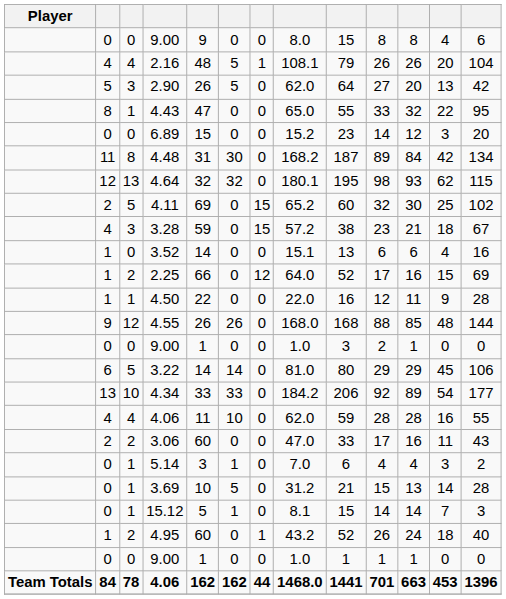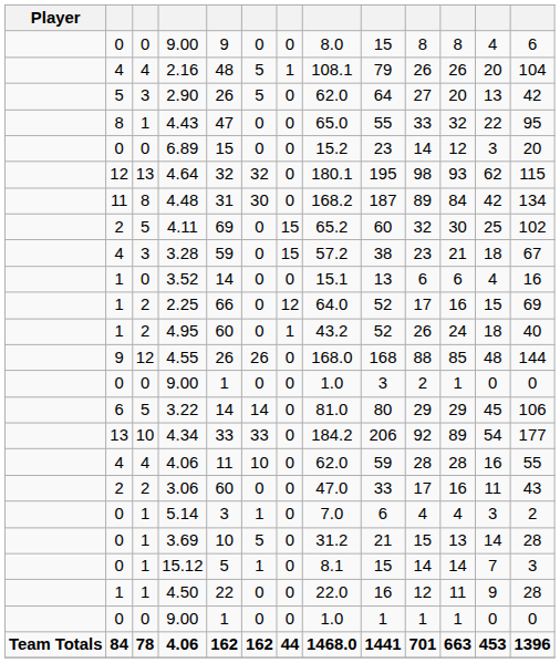 <table class="wikitable sortable" style="text-align:center;">
 <tr>
 <th>Player</th>
 <th></th>
 <th></th>
 <th></th>
 <th></th>
 <th></th>
 <th></th>
 <th></th>
 <th></th>
 <th></th>
 <th></th>
 <th></th>
 <th></th>
 </tr>
 <tr>
 <td align="left"></td>
 <td>0</td>
 <td>0</td>
 <td>9.00</td>
 <td>9</td>
 <td>0</td>
 <td>0</td>
 <td>8.0</td>
 <td>15</td>
 <td>8</td>
 <td>8</td>
 <td>4</td>
 <td>6</td>
 </tr>
 <tr>
 <td align=left></td>
 <td>4</td>
 <td>4</td>
 <td>2.16</td>
 <td>48</td>
 <td>5</td>
 <td>1</td>
 <td>108.1</td>
 <td>79</td>
 <td>26</td>
 <td>26</td>
 <td>20</td>
 <td>104</td>
 </tr>
 <tr>
 <td align="left"></td>
 <td>5</td>
 <td>3</td>
 <td>2.90</td>
 <td>26</td>
 <td>5</td>
 <td>0</td>
 <td>62.0</td>
 <td>64</td>
 <td>27</td>
 <td>20</td>
 <td>13</td>
 <td>42</td>
 </tr>
 <tr>
 <td align="left"></td>
 <td>8</td>
 <td>1</td>
 <td>4.43</td>
 <td>47</td>
 <td>0</td>
 <td>0</td>
 <td>65.0</td>
 <td>55</td>
 <td>33</td>
 <td>32</td>
 <td>22</td>
 <td>95</td>
 </tr>
 <tr>
 <td align="left"></td>
 <td>0</td>
 <td>0</td>
 <td>6.89</td>
 <td>15</td>
 <td>0</td>
 <td>0</td>
 <td>15.2</td>
 <td>23</td>
 <td>14</td>
 <td>12</td>
 <td>3</td>
 <td>20</td>
 </tr>
 <tr>
 <td align="left"></td>
+<td>12</td>
+<td>13</td>
+<td>4.64</td>
+<td>32</td>
+<td>32</td>
+<td>0</td>
+<td>180.1</td>
+<td>195</td>
+<td>98</td>
+<td>93</td>
+<td>62</td>
+<td>115</td>
+</tr>
+<tr>
+<td align="left"></td>
 <td>11</td>
 <td>8</td>
 <td>4.48</td>
 <td>31</td>
 <td>30</td>
 <td>0</td>
 <td>168.2</td>
 <td>187</td>
 <td>89</td>
 <td>84</td>
 <td>42</td>
 <td>134</td>
-</tr>
-<tr>
-<td align="left"></td>
-<td>12</td>
-<td>13</td>
-<td>4.64</td>
-<td>32</td>
-<td>32</td>
-<td>0</td>
-<td>180.1</td>
-<td>195</td>
-<td>98</td>
-<td>93</td>
-<td>62</td>
-<td>115</td>
 </tr>
 <tr>
 <td align="left"></td>
 <td>2</td>
 <td>5</td>
 <td>4.11</td>
 <td>69</td>
 <td>0</td>
 <td>15</td>
 <td>65.2</td>
 <td>60</td>
 <td>32</td>
 <td>30</td>
 <td>25</td>
 <td>102</td>
 </tr>
 <tr>
 <td align="left"></td>
 <td>4</td>
 <td>3</td>
 <td>3.28</td>
 <td>59</td>
 <td>0</td>
 <td>15</td>
 <td>57.2</td>
 <td>38</td>
 <td>23</td>
 <td>21</td>
 <td>18</td>
 <td>67</td>
 </tr>
 <tr>
 <td align="left"></td>
 <td>1</td>
 <td>0</td>
 <td>3.52</td>
 <td>14</td>
 <td>0</td>
 <td>0</td>
 <td>15.1</td>
 <td>13</td>
 <td>6</td>
 <td>6</td>
 <td>4</td>
 <td>16</td>
 </tr>
 <tr>
 <td align="left"></td>
 <td>1</td>
 <td>2</td>
 <td>2.25</td>
 <td>66</td>
 <td>0</td>
 <td>12</td>
 <td>64.0</td>
 <td>52</td>
 <td>17</td>
 <td>16</td>
 <td>15</td>
 <td>69</td>
 </tr>
 <tr>
 <td align="left"></td>
 <td>1</td>
+<td>2</td>
+<td>4.95</td>
+<td>60</td>
+<td>0</td>
 <td>1</td>
-<td>4.50</td>
-<td>22</td>
-<td>0</td>
-<td>0</td>
-<td>22.0</td>
-<td>16</td>
-<td>12</td>
-<td>11</td>
-<td>9</td>
-<td>28</td>
+<td>43.2</td>
+<td>52</td>
+<td>26</td>
+<td>24</td>
+<td>18</td>
+<td>40</td>
 </tr>
 <tr>
 <td align="left"></td>
 <td>9</td>
 <td>12</td>
 <td>4.55</td>
 <td>26</td>
 <td>26</td>
 <td>0</td>
 <td>168.0</td>
 <td>168</td>
 <td>88</td>
 <td>85</td>
 <td>48</td>
 <td>144</td>
 </tr>
 <tr>
 <td align="left"></td>
 <td>0</td>
 <td>0</td>
 <td>9.00</td>
 <td>1</td>
 <td>0</td>
 <td>0</td>
 <td>1.0</td>
 <td>3</td>
 <td>2</td>
 <td>1</td>
 <td>0</td>
 <td>0</td>
 </tr>
 <tr>
 <td align="left"></td>
 <td>6</td>
 <td>5</td>
 <td>3.22</td>
 <td>14</td>
 <td>14</td>
 <td>0</td>
 <td>81.0</td>
 <td>80</td>
 <td>29</td>
 <td>29</td>
 <td>45</td>
 <td>106</td>
 </tr>
 <tr>
 <td align="left"></td>
 <td>13</td>
 <td>10</td>
 <td>4.34</td>
 <td>33</td>
 <td>33</td>
 <td>0</td>
 <td>184.2</td>
 <td>206</td>
 <td>92</td>
 <td>89</td>
 <td>54</td>
 <td>177</td>
 </tr>
 <tr>
 <td align="left"></td>
 <td>4</td>
 <td>4</td>
 <td>4.06</td>
 <td>11</td>
 <td>10</td>
 <td>0</td>
 <td>62.0</td>
 <td>59</td>
 <td>28</td>
 <td>28</td>
 <td>16</td>
 <td>55</td>
 </tr>
 <tr>
 <td align="left"></td>
 <td>2</td>
 <td>2</td>
 <td>3.06</td>
 <td>60</td>
 <td>0</td>
 <td>0</td>
 <td>47.0</td>
 <td>33</td>
 <td>17</td>
 <td>16</td>
 <td>11</td>
 <td>43</td>
 </tr>
 <tr>
 <td align="left"></td>
 <td>0</td>
 <td>1</td>
 <td>5.14</td>
 <td>3</td>
 <td>1</td>
 <td>0</td>
 <td>7.0</td>
 <td>6</td>
 <td>4</td>
 <td>4</td>
 <td>3</td>
 <td>2</td>
 </tr>
 <tr>
 <td align="left"></td>
 <td>0</td>
 <td>1</td>
 <td>3.69</td>
 <td>10</td>
 <td>5</td>
 <td>0</td>
 <td>31.2</td>
 <td>21</td>
 <td>15</td>
 <td>13</td>
 <td>14</td>
 <td>28</td>
 </tr>
 <tr>
 <td align="left"></td>
 <td>0</td>
 <td>1</td>
 <td>15.12</td>
 <td>5</td>
 <td>1</td>
 <td>0</td>
 <td>8.1</td>
 <td>15</td>
 <td>14</td>
 <td>14</td>
 <td>7</td>
 <td>3</td>
 </tr>
 <tr>
 <td align="left"></td>
 <td>1</td>
-<td>2</td>
-<td>4.95</td>
-<td>60</td>
+<td>1</td>
+<td>4.50</td>
+<td>22</td>
 <td>0</td>
-<td>1</td>
-<td>43.2</td>
-<td>52</td>
-<td>26</td>
-<td>24</td>
-<td>18</td>
-<td>40</td>
+<td>0</td>
+<td>22.0</td>
+<td>16</td>
+<td>12</td>
+<td>11</td>
+<td>9</td>
+<td>28</td>
 </tr>
 <tr>
 <td align="left"></td>
 <td>0</td>
 <td>0</td>
 <td>9.00</td>
 <td>1</td>
 <td>0</td>
 <td>0</td>
 <td>1.0</td>
 <td>1</td>
 <td>1</td>
 <td>1</td>
 <td>0</td>
 <td>0</td>
 </tr>
 <tr>
 <td align="left"><strong>Team Totals</strong></td>
 <td><strong>84</strong></td>
 <td><strong>78</strong></td>
 <td><strong>4.06</strong></td>
 <td><strong>162</strong></td>
 <td><strong>162</strong></td>
 <td><strong>44</strong></td>
 <td><strong>1468.0</strong></td>
 <td><strong>1441</strong></td>
 <td><strong>701</strong></td>
 <td><strong>663</strong></td>
 <td><strong>453</strong></td>
 <td><strong>1396</strong></td>
 </tr>
 <tr class=="sortbottom">
 </tr>
 </table>
